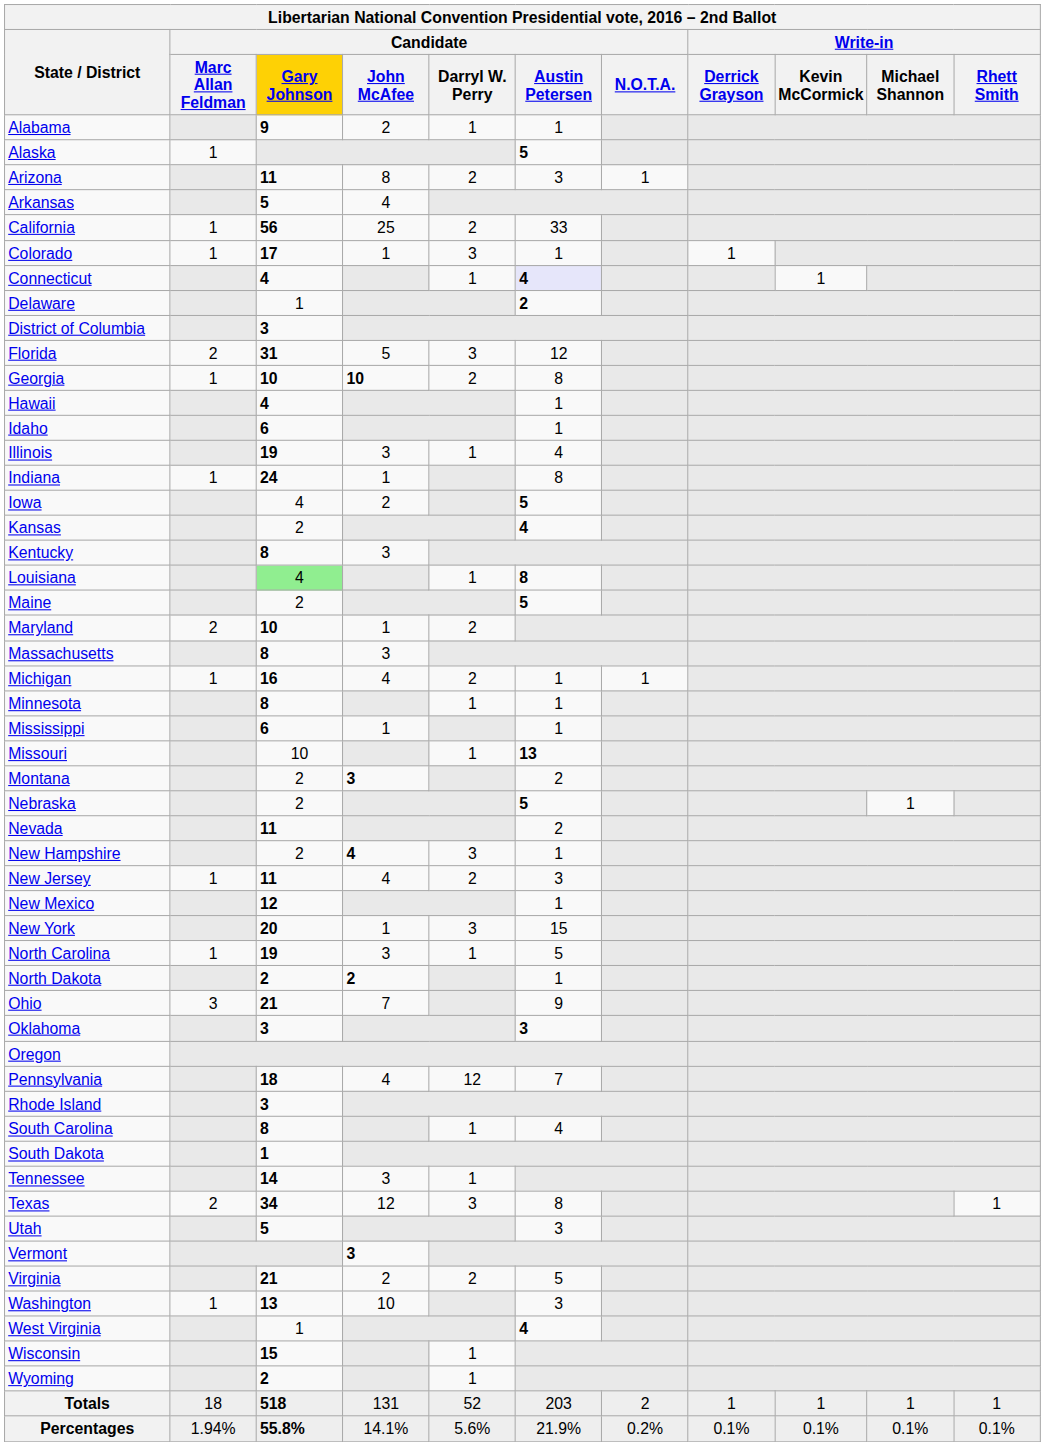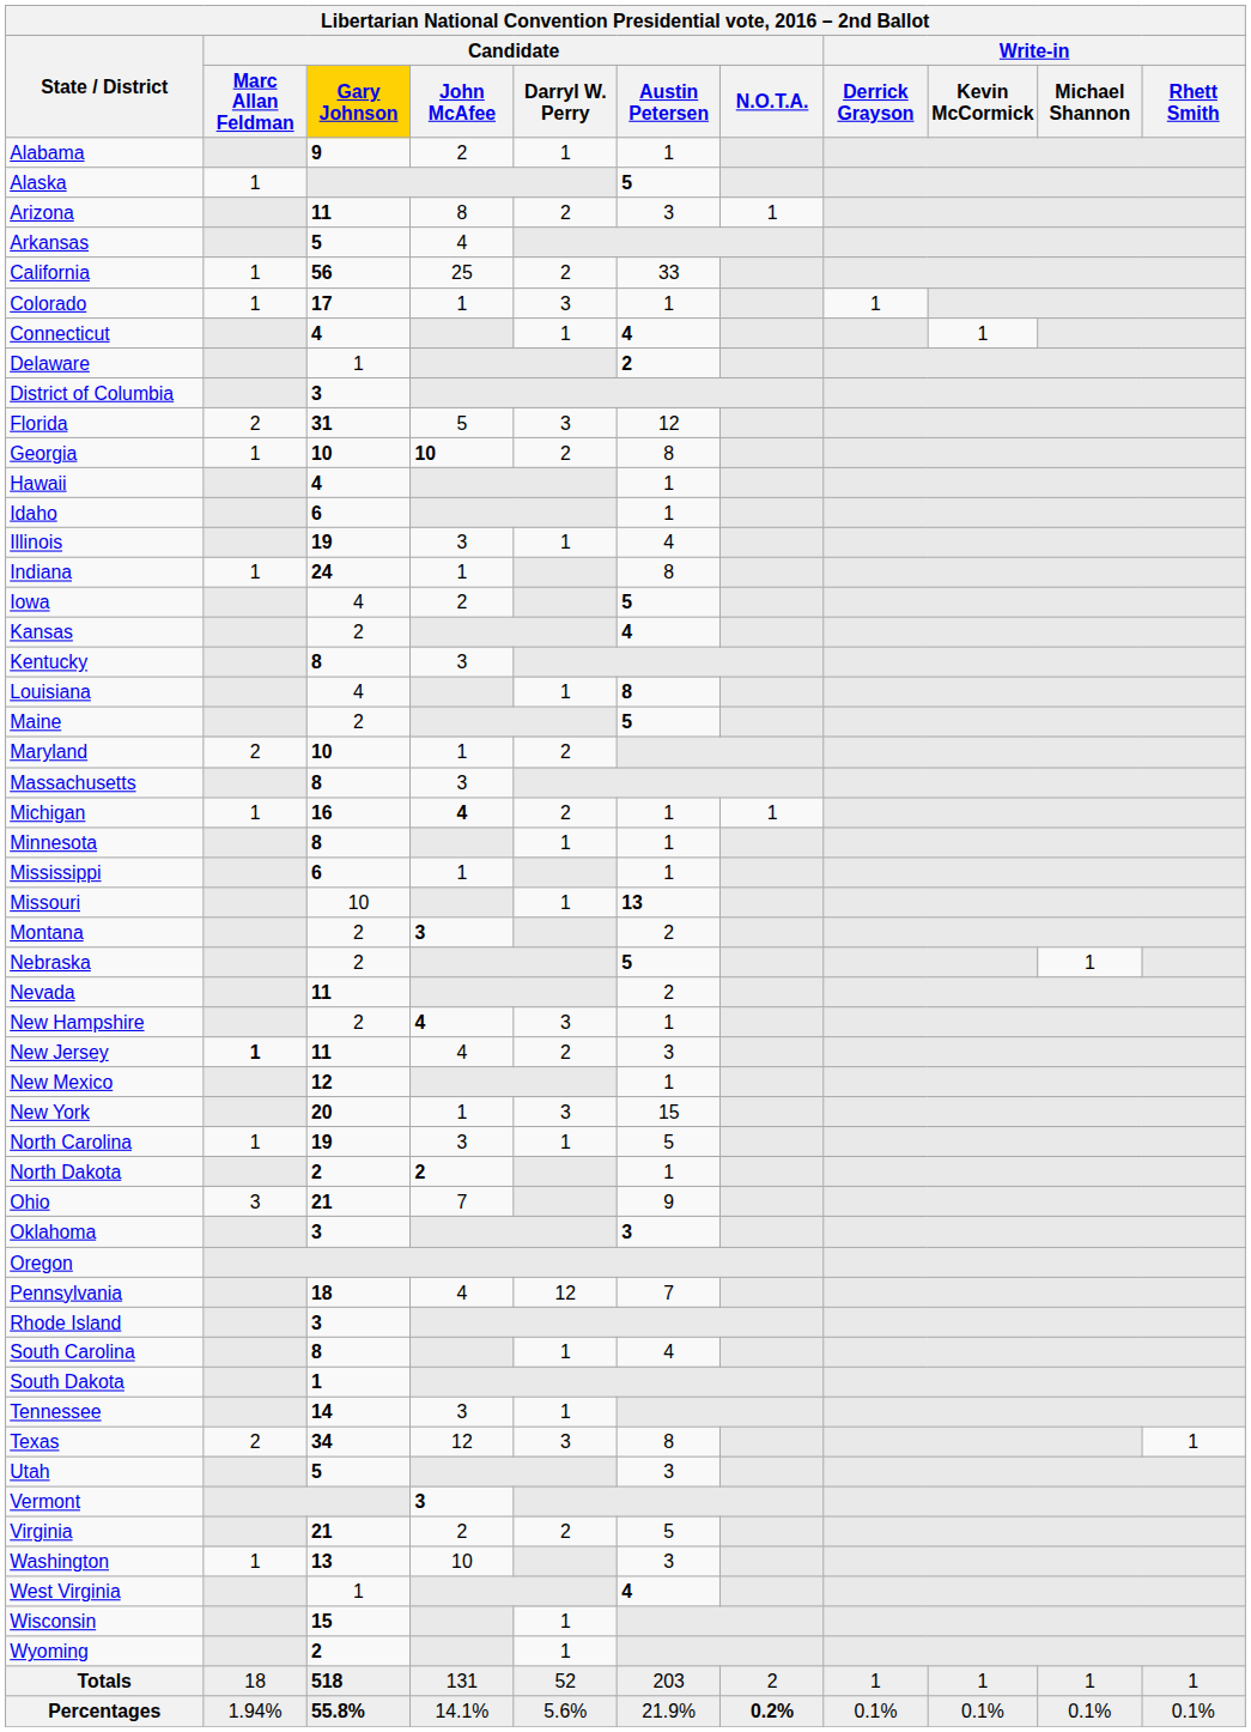 <table class="wikitable" style="font-size:95%;">
 <tr>
 <th colspan=11>Libertarian National Convention Presidential vote, 2016 – 2nd Ballot</th>
 </tr>
 <tr>
 <th style="width: 10em" rowspan=2>State / District</th>
 <th colspan=6>Candidate</th>
 <th colspan=4><a href='#'>Write-in</a></th>
 </tr>
 <tr>
 <th style="width: 5em"><a href='#'>Marc Allan Feldman</a></th>
 <th style="width: 5em; background:#FED105"><a href='#'>Gary Johnson</a></th>
 <th style="width: 5em"><a href='#'>John McAfee</a></th>
 <th style="width: 5em">Darryl W. Perry</th>
 <th style="width: 5em"><a href='#'>Austin Petersen</a></th>
 <th style="width: 5em"><a href='#'>N.O.T.A.</a></th>
 <th style="width: 5em"><a href='#'>Derrick Grayson</a></th>
 <th style="width: 5em">Kevin McCormick</th>
 <th style="width: 5em">Michael Shannon</th>
 <th style="width: 5em"><a href='#'>Rhett Smith</a></th>
 </tr>
 <tr>
 <td><a href='#'>Alabama</a></td>
 <td style="background:#e9e9e9"></td>
 <td><strong>9</strong></td>
 <td align=center>2</td>
 <td align=center>1</td>
 <td align=center>1</td>
 <td style="background:#e9e9e9"></td>
 <td colspan=4 style="background:#e9e9e9"></td>
 </tr>
 <tr>
 <td><a href='#'>Alaska</a></td>
 <td align=center>1</td>
 <td colspan=3 style="background:#e9e9e9"></td>
 <td><strong>5</strong></td>
 <td style="background:#e9e9e9"></td>
 <td colspan=4 style="background:#e9e9e9"></td>
 </tr>
 <tr>
 <td><a href='#'>Arizona</a></td>
 <td style="background:#e9e9e9"></td>
 <td><strong>11</strong></td>
 <td align=center>8</td>
 <td align=center>2</td>
 <td align=center>3</td>
 <td align=center>1</td>
 <td colspan=4 style="background:#e9e9e9"></td>
 </tr>
 <tr>
 <td><a href='#'>Arkansas</a></td>
 <td style="background:#e9e9e9"></td>
 <td><strong>5</strong></td>
 <td align=center>4</td>
 <td colspan=3 style="background:#e9e9e9"></td>
 <td colspan=4 style="background:#e9e9e9"></td>
 </tr>
 <tr>
 <td><a href='#'>California</a></td>
 <td align=center>1</td>
 <td><strong>56</strong></td>
 <td align=center>25</td>
 <td align=center>2</td>
 <td align=center>33</td>
 <td style="background:#e9e9e9"></td>
 <td colspan=4 style="background:#e9e9e9"></td>
 </tr>
 <tr>
 <td><a href='#'>Colorado</a></td>
 <td align=center>1</td>
 <td><strong>17</strong></td>
 <td align=center>1</td>
 <td align=center>3</td>
 <td align=center>1</td>
 <td style="background:#e9e9e9"></td>
 <td align=center>1</td>
 <td colspan=3 style="background:#e9e9e9"></td>
 </tr>
 <tr>
 <td><a href='#'>Connecticut</a></td>
 <td style="background:#e9e9e9"></td>
 <td><strong>4</strong></td>
 <td style="background:#e9e9e9"></td>
 <td align=center>1</td>
-<td style="background: lavender;"><strong>4</strong></td>
+<td><strong>4</strong></td>
 <td style="background:#e9e9e9"></td>
 <td style="background:#e9e9e9"></td>
 <td align=center>1</td>
 <td colspan=2 style="background:#e9e9e9"></td>
 </tr>
 <tr>
 <td><a href='#'>Delaware</a></td>
 <td style="background:#e9e9e9"></td>
 <td align=center>1</td>
 <td colspan=2 style="background:#e9e9e9"></td>
 <td><strong>2</strong></td>
 <td style="background:#e9e9e9"></td>
 <td colspan=4 style="background:#e9e9e9"></td>
 </tr>
 <tr>
 <td><a href='#'>District of Columbia</a></td>
 <td style="background:#e9e9e9"></td>
 <td><strong>3</strong></td>
 <td colspan=4 style="background:#e9e9e9"></td>
 <td colspan=4 style="background:#e9e9e9"></td>
 </tr>
 <tr>
 <td><a href='#'>Florida</a></td>
 <td align=center>2</td>
 <td><strong>31</strong></td>
 <td align=center>5</td>
 <td align=center>3</td>
 <td align=center>12</td>
 <td style="background:#e9e9e9"></td>
 <td colspan=4 style="background:#e9e9e9"></td>
 </tr>
 <tr>
 <td><a href='#'>Georgia</a></td>
 <td align=center>1</td>
 <td><strong>10</strong></td>
 <td><strong>10</strong></td>
 <td align=center>2</td>
 <td align=center>8</td>
 <td style="background:#e9e9e9"></td>
 <td colspan=4 style="background:#e9e9e9"></td>
 </tr>
 <tr>
 <td><a href='#'>Hawaii</a></td>
 <td style="background:#e9e9e9"></td>
 <td><strong>4</strong></td>
 <td colspan=2 style="background:#e9e9e9"></td>
 <td align=center>1</td>
 <td style="background:#e9e9e9"></td>
 <td colspan=4 style="background:#e9e9e9"></td>
 </tr>
 <tr>
 <td><a href='#'>Idaho</a></td>
 <td style="background:#e9e9e9"></td>
 <td><strong>6</strong></td>
 <td colspan=2 style="background:#e9e9e9"></td>
 <td align=center>1</td>
 <td style="background:#e9e9e9"></td>
 <td colspan=4 style="background:#e9e9e9"></td>
 </tr>
 <tr>
 <td><a href='#'>Illinois</a></td>
 <td style="background:#e9e9e9"></td>
 <td><strong>19</strong></td>
 <td align=center>3</td>
 <td align=center>1</td>
 <td align=center>4</td>
 <td style="background:#e9e9e9"></td>
 <td colspan=4 style="background:#e9e9e9"></td>
 </tr>
 <tr>
 <td><a href='#'>Indiana</a></td>
 <td align=center>1</td>
 <td><strong>24</strong></td>
 <td align=center>1</td>
 <td style="background:#e9e9e9"></td>
 <td align=center>8</td>
 <td style="background:#e9e9e9"></td>
 <td colspan=4 style="background:#e9e9e9"></td>
 </tr>
 <tr>
 <td><a href='#'>Iowa</a></td>
 <td style="background:#e9e9e9"></td>
 <td align=center>4</td>
 <td align=center>2</td>
 <td style="background:#e9e9e9"></td>
 <td><strong>5</strong></td>
 <td style="background:#e9e9e9"></td>
 <td colspan=4 style="background:#e9e9e9"></td>
 </tr>
 <tr>
 <td><a href='#'>Kansas</a></td>
 <td style="background:#e9e9e9"></td>
 <td align=center>2</td>
 <td colspan=2 style="background:#e9e9e9"></td>
 <td><strong>4</strong></td>
 <td style="background:#e9e9e9"></td>
 <td colspan=4 style="background:#e9e9e9"></td>
 </tr>
 <tr>
 <td><a href='#'>Kentucky</a></td>
 <td style="background:#e9e9e9"></td>
 <td><strong>8</strong></td>
 <td align=center>3</td>
 <td colspan=3 style="background:#e9e9e9"></td>
 <td colspan=4 style="background:#e9e9e9"></td>
 </tr>
 <tr>
 <td><a href='#'>Louisiana</a></td>
 <td style="background:#e9e9e9"></td>
-<td align=center style="background: lightgreen;">4</td>
+<td align=center>4</td>
 <td style="background:#e9e9e9"></td>
 <td align=center>1</td>
 <td><strong>8</strong></td>
 <td style="background:#e9e9e9"></td>
 <td colspan=4 style="background:#e9e9e9"></td>
 </tr>
 <tr>
 <td><a href='#'>Maine</a></td>
 <td style="background:#e9e9e9"></td>
 <td align=center>2</td>
 <td colspan=2 style="background:#e9e9e9"></td>
 <td><strong>5</strong></td>
 <td style="background:#e9e9e9"></td>
 <td colspan=4 style="background:#e9e9e9"></td>
 </tr>
 <tr>
 <td><a href='#'>Maryland</a></td>
 <td align=center>2</td>
 <td><strong>10</strong></td>
 <td align=center>1</td>
 <td align=center>2</td>
 <td colspan=2 style="background:#e9e9e9"></td>
 <td colspan=4 style="background:#e9e9e9"></td>
 </tr>
 <tr>
 <td><a href='#'>Massachusetts</a></td>
 <td style="background:#e9e9e9"></td>
 <td><strong>8</strong></td>
 <td align=center>3</td>
 <td colspan=3 style="background:#e9e9e9"></td>
 <td colspan=4 style="background:#e9e9e9"></td>
 </tr>
 <tr>
 <td><a href='#'>Michigan</a></td>
 <td align=center>1</td>
 <td><strong>16</strong></td>
-<td align=center>4</td>
+<td align=center><strong>4</strong></td>
 <td align=center>2</td>
 <td align=center>1</td>
 <td align=center>1</td>
 <td colspan=4 style="background:#e9e9e9"></td>
 </tr>
 <tr>
 <td><a href='#'>Minnesota</a></td>
 <td style="background:#e9e9e9"></td>
 <td><strong>8</strong></td>
 <td style="background:#e9e9e9"></td>
 <td align=center>1</td>
 <td align=center>1</td>
 <td style="background:#e9e9e9"></td>
 <td colspan=4 style="background:#e9e9e9"></td>
 </tr>
 <tr>
 <td><a href='#'>Mississippi</a></td>
 <td style="background:#e9e9e9"></td>
 <td><strong>6</strong></td>
 <td align=center>1</td>
 <td style="background:#e9e9e9"></td>
 <td align=center>1</td>
 <td style="background:#e9e9e9"></td>
 <td colspan=4 style="background:#e9e9e9"></td>
 </tr>
 <tr>
 <td><a href='#'>Missouri</a></td>
 <td style="background:#e9e9e9"></td>
 <td align=center>10</td>
 <td style="background:#e9e9e9"></td>
 <td align=center>1</td>
 <td><strong>13</strong></td>
 <td style="background:#e9e9e9"></td>
 <td colspan=4 style="background:#e9e9e9"></td>
 </tr>
 <tr>
 <td><a href='#'>Montana</a></td>
 <td style="background:#e9e9e9"></td>
 <td align=center>2</td>
 <td><strong>3</strong></td>
 <td style="background:#e9e9e9"></td>
 <td align=center>2</td>
 <td style="background:#e9e9e9"></td>
 <td colspan=4 style="background:#e9e9e9"></td>
 </tr>
 <tr>
 <td><a href='#'>Nebraska</a></td>
 <td style="background:#e9e9e9"></td>
 <td align=center>2</td>
 <td colspan=2 style="background:#e9e9e9"></td>
 <td><strong>5</strong></td>
 <td style="background:#e9e9e9"></td>
 <td colspan=2 style="background:#e9e9e9"></td>
 <td align=center>1</td>
 <td style="background:#e9e9e9"></td>
 </tr>
 <tr>
 <td><a href='#'>Nevada</a></td>
 <td style="background:#e9e9e9"></td>
 <td><strong>11</strong></td>
 <td colspan=2 style="background:#e9e9e9"></td>
 <td align=center>2</td>
 <td style="background:#e9e9e9"></td>
 <td colspan=4 style="background:#e9e9e9"></td>
 </tr>
 <tr>
 <td><a href='#'>New Hampshire</a></td>
 <td style="background:#e9e9e9"></td>
 <td align=center>2</td>
 <td><strong>4</strong></td>
 <td align=center>3</td>
 <td align=center>1</td>
 <td style="background:#e9e9e9"></td>
 <td colspan=4 style="background:#e9e9e9"></td>
 </tr>
 <tr>
 <td><a href='#'>New Jersey</a></td>
-<td align=center>1</td>
+<td align=center><strong>1</strong></td>
 <td><strong>11</strong></td>
 <td align=center>4</td>
 <td align=center>2</td>
 <td align=center>3</td>
 <td style="background:#e9e9e9"></td>
 <td colspan=4 style="background:#e9e9e9"></td>
 </tr>
 <tr>
 <td><a href='#'>New Mexico</a></td>
 <td style="background:#e9e9e9"></td>
 <td><strong>12</strong></td>
 <td colspan=2 style="background:#e9e9e9"></td>
 <td align=center>1</td>
 <td style="background:#e9e9e9"></td>
 <td colspan=4 style="background:#e9e9e9"></td>
 </tr>
 <tr>
 <td><a href='#'>New York</a></td>
 <td style="background:#e9e9e9"></td>
 <td><strong>20</strong></td>
 <td align=center>1</td>
 <td align=center>3</td>
 <td align=center>15</td>
 <td style="background:#e9e9e9"></td>
 <td colspan=4 style="background:#e9e9e9"></td>
 </tr>
 <tr>
 <td><a href='#'>North Carolina</a></td>
 <td align=center>1</td>
 <td><strong>19</strong></td>
 <td align=center>3</td>
 <td align=center>1</td>
 <td align=center>5</td>
 <td style="background:#e9e9e9"></td>
 <td colspan=4 style="background:#e9e9e9"></td>
 </tr>
 <tr>
 <td><a href='#'>North Dakota</a></td>
 <td style="background:#e9e9e9"></td>
 <td><strong>2</strong></td>
 <td><strong>2</strong></td>
 <td style="background:#e9e9e9"></td>
 <td align=center>1</td>
 <td style="background:#e9e9e9"></td>
 <td colspan=4 style="background:#e9e9e9"></td>
 </tr>
 <tr>
 <td><a href='#'>Ohio</a></td>
 <td align=center>3</td>
 <td><strong>21</strong></td>
 <td align=center>7</td>
 <td style="background:#e9e9e9"></td>
 <td align=center>9</td>
 <td style="background:#e9e9e9"></td>
 <td colspan=4 style="background:#e9e9e9"></td>
 </tr>
 <tr>
 <td><a href='#'>Oklahoma</a></td>
 <td style="background:#e9e9e9"></td>
 <td><strong>3</strong></td>
 <td colspan=2 style="background:#e9e9e9"></td>
 <td><strong>3</strong></td>
 <td style="background:#e9e9e9"></td>
 <td colspan=4 style="background:#e9e9e9"></td>
 </tr>
 <tr>
 <td><a href='#'>Oregon</a></td>
 <td colspan=6 style="background:#e9e9e9"></td>
 <td colspan=4 style="background:#e9e9e9"></td>
 </tr>
 <tr>
 <td><a href='#'>Pennsylvania</a></td>
 <td style="background:#e9e9e9"></td>
 <td><strong>18</strong></td>
 <td align=center>4</td>
 <td align=center>12</td>
 <td align=center>7</td>
 <td style="background:#e9e9e9"></td>
 <td colspan=4 style="background:#e9e9e9"></td>
 </tr>
 <tr>
 <td><a href='#'>Rhode Island</a></td>
 <td style="background:#e9e9e9"></td>
 <td><strong>3</strong></td>
 <td colspan=4 style="background:#e9e9e9"></td>
 <td colspan=4 style="background:#e9e9e9"></td>
 </tr>
 <tr>
 <td><a href='#'>South Carolina</a></td>
 <td style="background:#e9e9e9"></td>
 <td><strong>8</strong></td>
 <td style="background:#e9e9e9"></td>
 <td align=center>1</td>
 <td align=center>4</td>
 <td style="background:#e9e9e9"></td>
 <td colspan=4 style="background:#e9e9e9"></td>
 </tr>
 <tr>
 <td><a href='#'>South Dakota</a></td>
 <td style="background:#e9e9e9"></td>
 <td><strong>1</strong></td>
 <td colspan=4 style="background:#e9e9e9"></td>
 <td colspan=4 style="background:#e9e9e9"></td>
 </tr>
 <tr>
 <td><a href='#'>Tennessee</a></td>
 <td style="background:#e9e9e9"></td>
 <td><strong>14</strong></td>
 <td align=center>3</td>
 <td align=center>1</td>
 <td colspan=2 style="background:#e9e9e9"></td>
 <td colspan=4 style="background:#e9e9e9"></td>
 </tr>
 <tr>
 <td><a href='#'>Texas</a></td>
 <td align=center>2</td>
 <td><strong>34</strong></td>
 <td align=center>12</td>
 <td align=center>3</td>
 <td align=center>8</td>
 <td style="background:#e9e9e9"></td>
 <td colspan=3 style="background:#e9e9e9"></td>
 <td align=center>1</td>
 </tr>
 <tr>
 <td><a href='#'>Utah</a></td>
 <td style="background:#e9e9e9"></td>
 <td><strong>5</strong></td>
 <td colspan=2 style="background:#e9e9e9"></td>
 <td align=center>3</td>
 <td style="background:#e9e9e9"></td>
 <td colspan=4 style="background:#e9e9e9"></td>
 </tr>
 <tr>
 <td><a href='#'>Vermont</a></td>
 <td colspan=2 style="background:#e9e9e9"></td>
 <td><strong>3</strong></td>
 <td colspan=3 style="background:#e9e9e9"></td>
 <td colspan=4 style="background:#e9e9e9"></td>
 </tr>
 <tr>
 <td><a href='#'>Virginia</a></td>
 <td style="background:#e9e9e9"></td>
 <td><strong>21</strong></td>
 <td align=center>2</td>
 <td align=center>2</td>
 <td align=center>5</td>
 <td style="background:#e9e9e9"></td>
 <td colspan=4 style="background:#e9e9e9"></td>
 </tr>
 <tr>
 <td><a href='#'>Washington</a></td>
 <td align=center>1</td>
 <td><strong>13</strong></td>
 <td align=center>10</td>
 <td style="background:#e9e9e9"></td>
 <td align=center>3</td>
 <td style="background:#e9e9e9"></td>
 <td colspan=4 style="background:#e9e9e9"></td>
 </tr>
 <tr>
 <td><a href='#'>West Virginia</a></td>
 <td style="background:#e9e9e9"></td>
 <td align=center>1</td>
 <td colspan=2 style="background:#e9e9e9"></td>
 <td><strong>4</strong></td>
 <td style="background:#e9e9e9"></td>
 <td colspan=4 style="background:#e9e9e9"></td>
 </tr>
 <tr>
 <td><a href='#'>Wisconsin</a></td>
 <td style="background:#e9e9e9"></td>
 <td><strong>15</strong></td>
 <td style="background:#e9e9e9"></td>
 <td align=center>1</td>
 <td colspan=2 style="background:#e9e9e9"></td>
 <td colspan=4 style="background:#e9e9e9"></td>
 </tr>
 <tr>
 <td><a href='#'>Wyoming</a></td>
 <td style="background:#e9e9e9"></td>
 <td><strong>2</strong></td>
 <td style="background:#e9e9e9"></td>
 <td align=center>1</td>
 <td colspan=2 style="background:#e9e9e9"></td>
 <td colspan=4 style="background:#e9e9e9"></td>
 </tr>
 <tr style="background:#eee">
 <th align=right>Totals</th>
 <td align=center>18</td>
 <td><strong>518</strong></td>
 <td align=center>131</td>
 <td align=center>52</td>
 <td align=center>203</td>
 <td align=center>2</td>
 <td align=center>1</td>
 <td align=center>1</td>
 <td align=center>1</td>
 <td align=center>1</td>
 </tr>
 <tr style="background:#eee">
 <th align=right>Percentages</th>
 <td align=center>1.94%</td>
 <td><strong>55.8%</strong></td>
 <td align=center>14.1%</td>
 <td align=center>5.6%</td>
 <td align=center>21.9%</td>
-<td align=center>0.2%</td>
+<td align=center><strong>0.2%</strong></td>
 <td align=center>0.1%</td>
 <td align=center>0.1%</td>
 <td align=center>0.1%</td>
 <td align=center>0.1%</td>
 </tr>
 </table>
